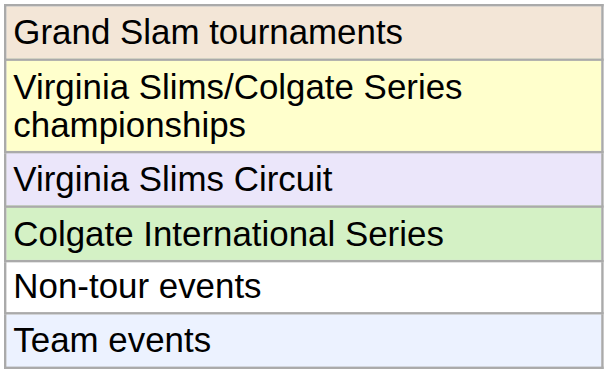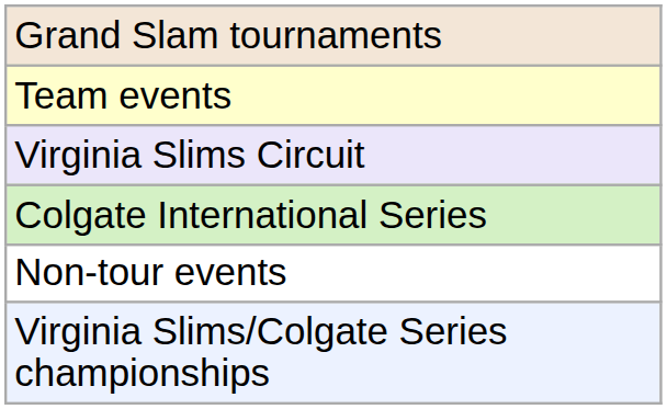 <table class=wikitable  style=font-size:92%;width:20%>
 <tr style="background:#F3E6D7;">
 <td>Grand Slam tournaments</td>
 </tr>
 <tr style="background:#ffc;">
-<td>Virginia Slims/Colgate Series championships</td>
+<td>Team events</td>
 </tr>
 <tr style="background:#ebe6fa;">
 <td>Virginia Slims Circuit</td>
 </tr>
 <tr style="background:#D4F1C5;">
 <td>Colgate International Series</td>
 </tr>
 <tr style="background:#fff;">
 <td>Non-tour events</td>
 </tr>
 <tr style="background:#ECF2FF;">
-<td>Team events</td>
+<td>Virginia Slims/Colgate Series championships</td>
 </tr>
 </table>
